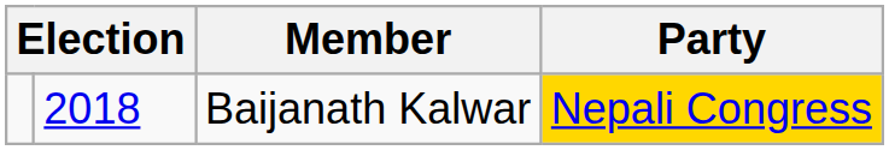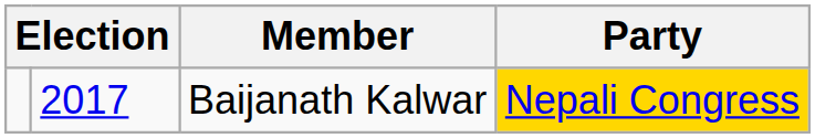 <table class="wikitable">
 <tr>
 <th colspan="2">Election</th>
 <th>Member</th>
 <th>Party</th>
 </tr>
 <tr>
 <td style="background-color:"></td>
-<td><a href='#'>2018</a></td>
+<td><a href='#'>2017</a></td>
 <td>Baijanath Kalwar</td>
 <td style="background: gold;"><a href='#'>Nepali Congress</a></td>
 </tr>
 </table>
